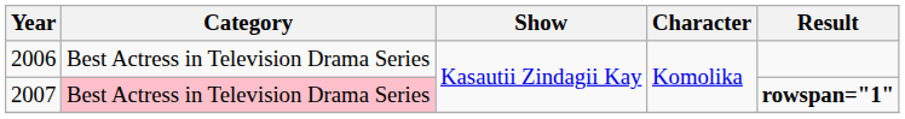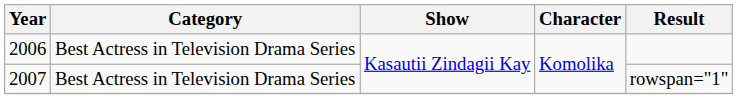 <table class="wikitable sortable">
 <tr>
 <th>Year</th>
 <th>Category</th>
 <th>Show</th>
 <th>Character</th>
 <th>Result</th>
 </tr>
 <tr>
 <td rowspan="1">2006</td>
 <td>Best Actress in Television Drama Series</td>
 <td rowspan="2"><a href='#'>Kasautii Zindagii Kay</a></td>
 <td rowspan="2"><a href='#'>Komolika</a></td>
 <td></td>
 </tr>
 <tr>
 <td>2007</td>
-<td style="background: pink;">Best Actress in Television Drama Series</td>
-<td><strong>rowspan="1" </strong></td>
+<td>Best Actress in Television Drama Series</td>
+<td>rowspan="1" </td>
 </tr>
 <tr>
 </tr>
 </table>
